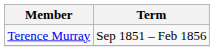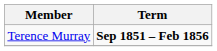 <table class="wikitable">
 <tr>
 <th>Member</th>
 <th>Term</th>
 </tr>
 <tr>
 <td><a href='#'>Terence Murray</a></td>
-<td>Sep 1851 – Feb 1856</td>
+<td><strong>Sep 1851 – Feb 1856</strong></td>
 </tr>
 <tr>
 </tr>
 </table>
